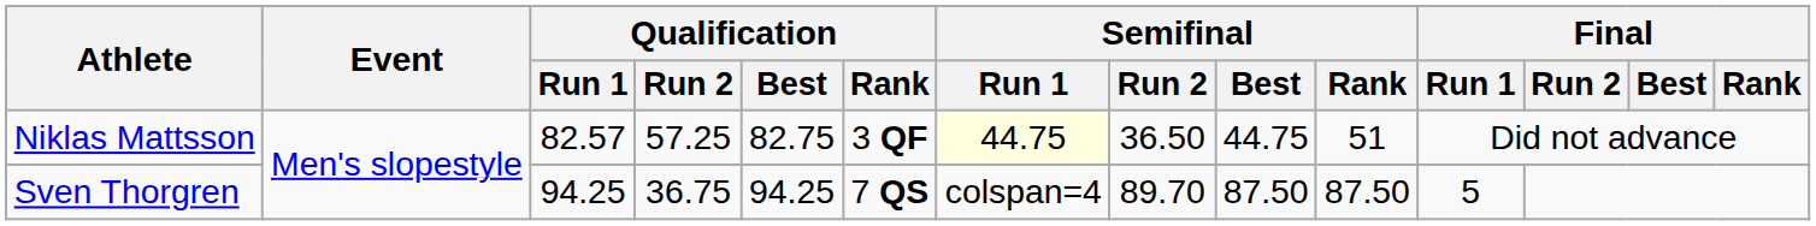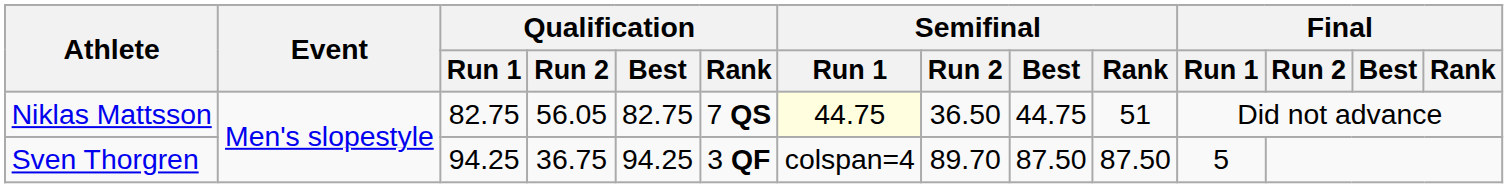 <table class="wikitable" style="font-size:90%">
 <tr>
 <th rowspan="2">Athlete</th>
 <th rowspan="2">Event</th>
 <th colspan="4">Qualification</th>
 <th colspan="4">Semifinal</th>
 <th colspan="4">Final</th>
 </tr>
 <tr style="font-size:95%">
 <th>Run 1</th>
 <th>Run 2</th>
 <th>Best</th>
 <th>Rank</th>
 <th>Run 1</th>
 <th>Run 2</th>
 <th>Best</th>
 <th>Rank</th>
 <th>Run 1</th>
 <th>Run 2</th>
 <th>Best</th>
 <th>Rank</th>
 </tr>
 <tr align=center>
 <td align=left><a href='#'>Niklas Mattsson</a></td>
 <td rowspan=2 align=left><a href='#'>Men's slopestyle</a></td>
-<td>82.57</td>
-<td>57.25</td>
 <td>82.75</td>
-<td>3 <strong>QF</strong></td>
+<td>56.05</td>
+<td>82.75</td>
+<td>7 <strong>QS</strong></td>
 <td style="background: lightyellow;">44.75</td>
 <td>36.50</td>
 <td>44.75</td>
 <td>51</td>
 <td colspan=4>Did not advance</td>
 </tr>
 <tr align=center>
 <td align=left><a href='#'>Sven Thorgren</a></td>
 <td>94.25</td>
 <td>36.75</td>
 <td>94.25</td>
-<td>7 <strong>QS</strong></td>
+<td>3 <strong>QF</strong></td>
 <td>colspan=4 </td>
 <td>89.70</td>
 <td>87.50</td>
 <td>87.50</td>
 <td>5</td>
 </tr>
 </table>
